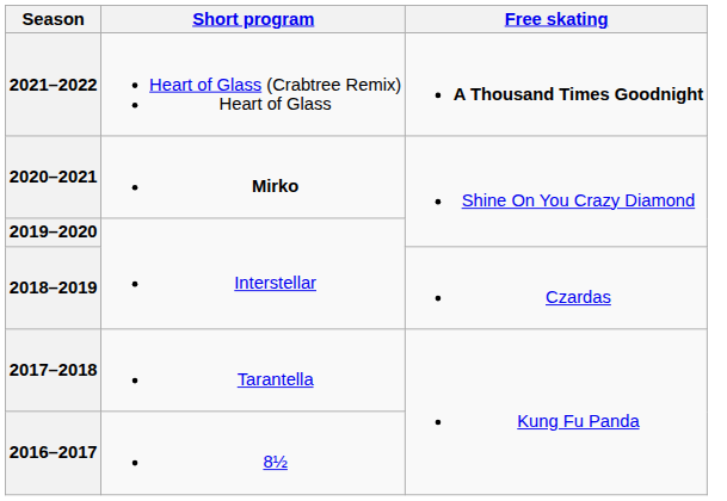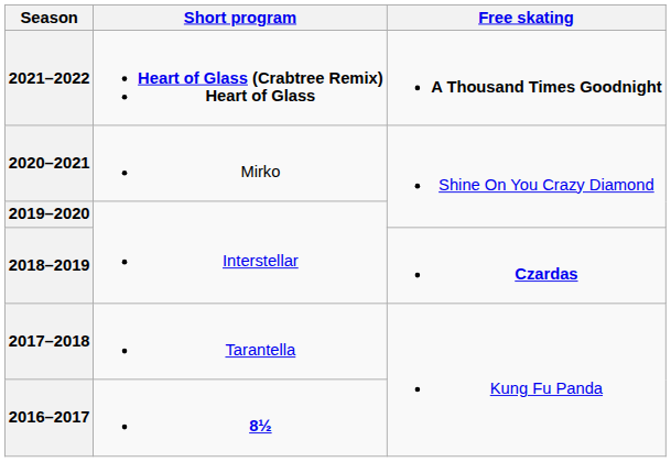 <table class=wikitable style=text-align:center>
 <tr>
 <th>Season</th>
 <th><a href='#'>Short program</a></th>
 <th><a href='#'>Free skating</a></th>
 </tr>
 <tr>
 <th>2021–2022 <br> </th>
-<td><br><ul><li><a href='#'>Heart of Glass</a> (Crabtree Remix) <br> </li><li>Heart of Glass <br> </li></ul></td>
+<td><strong><br><ul><li><a href='#'>Heart of Glass</a> (Crabtree Remix) <br> </li><li>Heart of Glass <br> </li></ul></strong></td>
 <td><strong><br><ul><li>A Thousand Times Goodnight <br> </li></ul></strong></td>
 </tr>
 <tr>
 <th>2020–2021 <br> </th>
-<td><strong><br><ul><li>Mirko <br> </li></ul></strong></td>
+<td><br><ul><li>Mirko <br> </li></ul></td>
 <td rowspan=2><br><ul><li><a href='#'>Shine On You Crazy Diamond</a> <br></li></ul></td>
 </tr>
 <tr>
 <th>2019–2020 <br> </th>
 <td rowspan=2><br><ul><li><a href='#'>Interstellar</a> <br></li></ul></td>
 </tr>
 <tr>
 <th>2018–2019 <br> </th>
-<td><br><ul><li><a href='#'>Czardas</a> <br></li></ul></td>
+<td><strong><br><ul><li><a href='#'>Czardas</a> <br></li></ul></strong></td>
 </tr>
 <tr>
 <th>2017–2018 <br> </th>
 <td><br><ul><li><a href='#'>Tarantella</a></li></ul></td>
 <td rowspan=2><br><ul><li><a href='#'>Kung Fu Panda</a> <br></li></ul></td>
 </tr>
 <tr>
 <th>2016–2017 <br> </th>
-<td><br><ul><li><a href='#'>8½</a> <br></li></ul></td>
+<td><strong><br><ul><li><a href='#'>8½</a> <br></li></ul></strong></td>
 </tr>
 </table>
